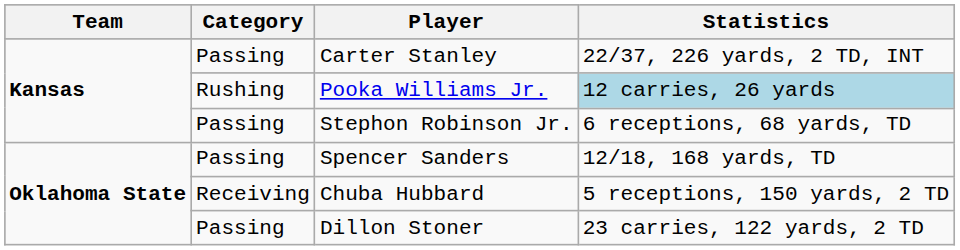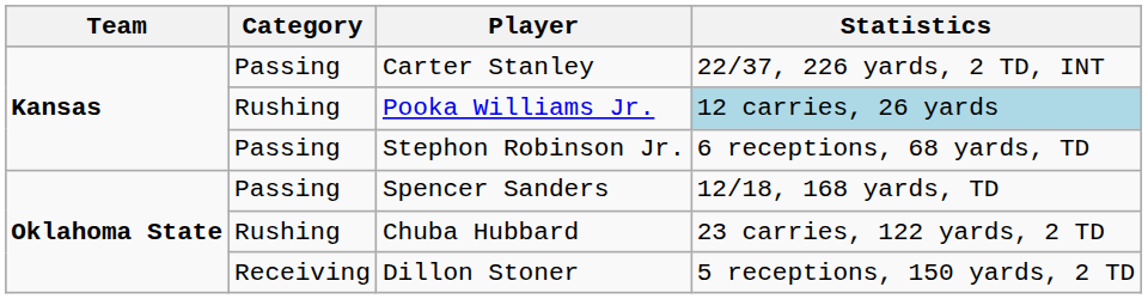 <table class="wikitable" style="float: right;">
 <tr>
 <th>Team</th>
 <th>Category</th>
 <th>Player</th>
 <th>Statistics</th>
 </tr>
 <tr>
 <td rowspan=3><strong>Kansas</strong></td>
 <td>Passing</td>
 <td>Carter Stanley</td>
 <td>22/37, 226 yards, 2 TD, INT</td>
 </tr>
 <tr>
 <td>Rushing</td>
 <td><a href='#'>Pooka Williams Jr.</a></td>
 <td style="background: lightblue;">12 carries, 26 yards</td>
 </tr>
 <tr>
 <td>Passing</td>
 <td>Stephon Robinson Jr.</td>
 <td>6 receptions, 68 yards, TD</td>
 </tr>
 <tr>
 <td rowspan=3><strong>Oklahoma State</strong></td>
 <td>Passing</td>
 <td>Spencer Sanders</td>
 <td>12/18, 168 yards, TD</td>
 </tr>
 <tr>
+<td>Rushing</td>
+<td>Chuba Hubbard</td>
+<td>23 carries, 122 yards, 2 TD</td>
+</tr>
+<tr>
 <td>Receiving</td>
-<td>Chuba Hubbard</td>
+<td>Dillon Stoner</td>
 <td>5 receptions, 150 yards, 2 TD</td>
 </tr>
-<tr>
-<td>Passing</td>
-<td>Dillon Stoner</td>
-<td>23 carries, 122 yards, 2 TD</td>
-</tr>
 </table>
